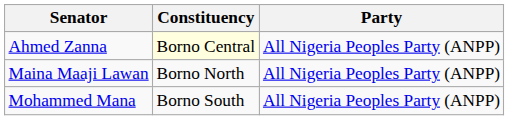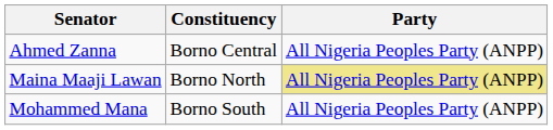 <table class="wikitable" border="1">
 <tr>
 <th>Senator</th>
 <th>Constituency</th>
 <th>Party</th>
 </tr>
 <tr>
 <td><a href='#'>Ahmed Zanna</a></td>
-<td style="background: lightyellow;">Borno Central</td>
+<td>Borno Central</td>
 <td><a href='#'>All Nigeria Peoples Party</a> (ANPP)</td>
 </tr>
 <tr>
 <td><a href='#'>Maina Maaji Lawan</a></td>
 <td>Borno North</td>
-<td><a href='#'>All Nigeria Peoples Party</a> (ANPP)</td>
+<td style="background: khaki;"><a href='#'>All Nigeria Peoples Party</a> (ANPP)</td>
 </tr>
 <tr>
 <td><a href='#'>Mohammed Mana</a></td>
 <td>Borno South</td>
 <td><a href='#'>All Nigeria Peoples Party</a> (ANPP)</td>
 </tr>
 </table>
